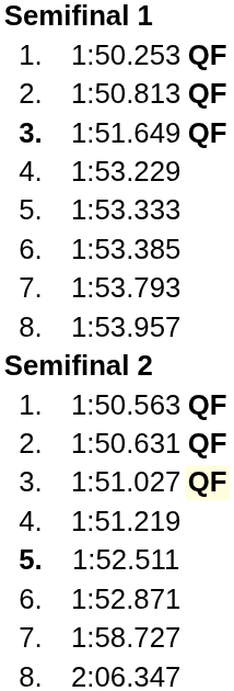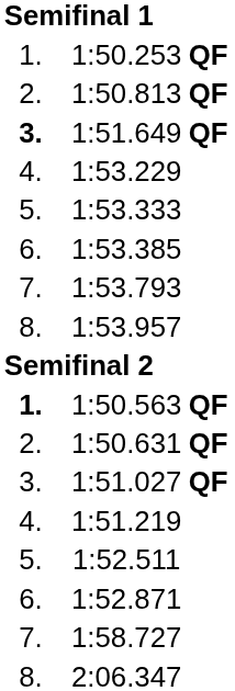 <table style="text-align:center">
 <tr>
 <td colspan=4 align=left><strong>Semifinal 1</strong></td>
 </tr>
 <tr>
 <td width=30>1.</td>
 <td align=left></td>
 <td width=60>1:50.253</td>
 <td><strong>QF</strong></td>
 </tr>
 <tr>
 <td>2.</td>
 <td align=left></td>
 <td>1:50.813</td>
 <td><strong>QF</strong></td>
 </tr>
 <tr>
 <td><strong>3.</strong></td>
 <td align=left></td>
 <td>1:51.649</td>
 <td><strong>QF</strong></td>
 </tr>
 <tr>
 <td>4.</td>
 <td align=left></td>
 <td>1:53.229</td>
 </tr>
 <tr>
 <td>5.</td>
 <td align=left></td>
 <td>1:53.333</td>
 </tr>
 <tr>
 <td>6.</td>
 <td align=left></td>
 <td>1:53.385</td>
 </tr>
 <tr>
 <td>7.</td>
 <td align=left></td>
 <td>1:53.793</td>
 </tr>
 <tr>
 <td>8.</td>
 <td align=left></td>
 <td>1:53.957</td>
 </tr>
 <tr>
 <td colspan=4 align=left><strong>Semifinal 2</strong></td>
 </tr>
 <tr>
-<td>1.</td>
+<td><strong>1.</strong></td>
 <td align=left></td>
 <td>1:50.563</td>
 <td><strong>QF</strong></td>
 </tr>
 <tr>
 <td>2.</td>
 <td align=left></td>
 <td>1:50.631</td>
 <td><strong>QF</strong></td>
 </tr>
 <tr>
 <td>3.</td>
 <td align=left></td>
 <td>1:51.027</td>
-<td style="background: lightyellow;"><strong>QF</strong></td>
+<td><strong>QF</strong></td>
 </tr>
 <tr>
 <td>4.</td>
 <td align=left></td>
 <td>1:51.219</td>
 </tr>
 <tr>
-<td><strong>5.</strong></td>
+<td>5.</td>
 <td align=left></td>
 <td>1:52.511</td>
 </tr>
 <tr>
 <td>6.</td>
 <td align=left></td>
 <td>1:52.871</td>
 </tr>
 <tr>
 <td>7.</td>
 <td align=left></td>
 <td>1:58.727</td>
 </tr>
 <tr>
 <td>8.</td>
 <td align=left></td>
 <td>2:06.347</td>
 </tr>
 </table>
